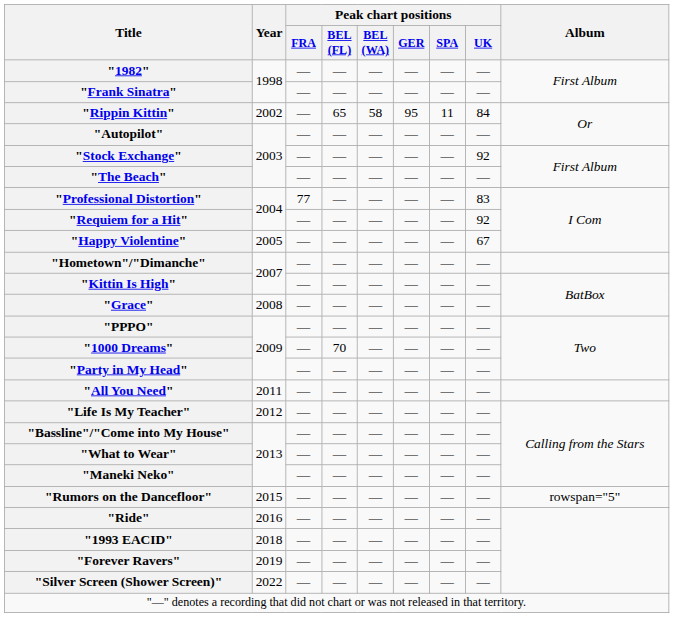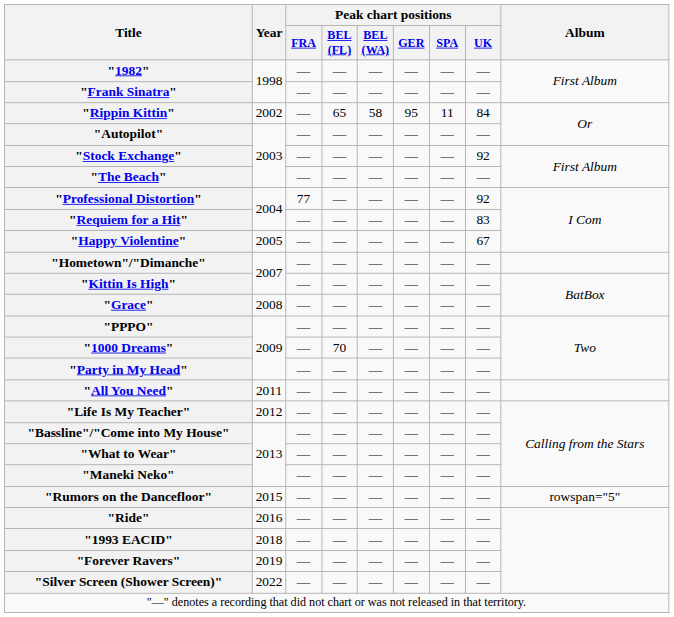 <table class="wikitable plainrowheaders" style="text-align:center;">
 <tr>
 <th scope="col" rowspan="2" style="width:18em;">Title</th>
 <th scope="col" rowspan="2" style="width:1em;">Year</th>
 <th scope="col" colspan="6">Peak chart positions</th>
 <th scope="col" rowspan="2" style="width:12em;">Album</th>
 </tr>
 <tr>
 <th scope="col" style="width:2.5em;font-size:90%;"><a href='#'>FRA</a><br></th>
 <th scope="col" style="width:2.5em;font-size:90%;"><a href='#'>BEL<br>(FL)</a><br></th>
 <th scope="col" style="width:2.5em;font-size:90%;"><a href='#'>BEL<br>(WA)</a><br></th>
 <th scope="col" style="width:2.5em;font-size:90%;"><a href='#'>GER</a><br></th>
 <th scope="col" style="width:2.5em;font-size:90%;"><a href='#'>SPA</a><br></th>
 <th scope="col" style="width:2.5em;font-size:90%;"><a href='#'>UK</a><br></th>
 </tr>
 <tr>
 <th scope="row">"<a href='#'>1982</a>"<br></th>
 <td rowspan="2">1998</td>
 <td>—</td>
 <td>—</td>
 <td>—</td>
 <td>—</td>
 <td>—</td>
 <td>—</td>
 <td rowspan="2"><em>First Album</em></td>
 </tr>
 <tr>
 <th scope="row">"<a href='#'>Frank Sinatra</a>"<br></th>
 <td>—</td>
 <td>—</td>
 <td>—</td>
 <td>—</td>
 <td>—</td>
 <td>—</td>
 </tr>
 <tr>
 <th scope="row">"<a href='#'>Rippin Kittin</a>"<br></th>
 <td>2002</td>
 <td>—</td>
 <td>65</td>
 <td>58</td>
 <td>95</td>
 <td>11</td>
 <td>84</td>
 <td rowspan="2"><em>Or</em></td>
 </tr>
 <tr>
 <th scope="row">"Autopilot"<br></th>
 <td rowspan="3">2003</td>
 <td>—</td>
 <td>—</td>
 <td>—</td>
 <td>—</td>
 <td>—</td>
 <td>—</td>
 </tr>
 <tr>
 <th scope="row">"<a href='#'>Stock Exchange</a>"<br></th>
 <td>—</td>
 <td>—</td>
 <td>—</td>
 <td>—</td>
 <td>—</td>
 <td>92</td>
 <td rowspan="2"><em>First Album</em></td>
 </tr>
 <tr>
 <th scope="row">"<a href='#'>The Beach</a>"<br></th>
 <td>—</td>
 <td>—</td>
 <td>—</td>
 <td>—</td>
 <td>—</td>
 <td>—</td>
 </tr>
 <tr>
 <th scope="row">"<a href='#'>Professional Distortion</a>"</th>
 <td rowspan="2">2004</td>
 <td>77</td>
 <td>—</td>
 <td>—</td>
 <td>—</td>
 <td>—</td>
-<td>83</td>
+<td>92</td>
 <td rowspan="3"><em>I Com</em></td>
 </tr>
 <tr>
 <th scope="row">"<a href='#'>Requiem for a Hit</a>"</th>
 <td>—</td>
 <td>—</td>
 <td>—</td>
 <td>—</td>
 <td>—</td>
-<td>92</td>
+<td>83</td>
 </tr>
 <tr>
 <th scope="row">"<a href='#'>Happy Violentine</a>"</th>
 <td>2005</td>
 <td>—</td>
 <td>—</td>
 <td>—</td>
 <td>—</td>
 <td>—</td>
 <td>67</td>
 </tr>
 <tr>
 <th scope="row">"Hometown"/"Dimanche"<br></th>
 <td rowspan="2">2007</td>
 <td>—</td>
 <td>—</td>
 <td>—</td>
 <td>—</td>
 <td>—</td>
 <td>—</td>
 <td></td>
 </tr>
 <tr>
 <th scope="row">"<a href='#'>Kittin Is High</a>"</th>
 <td>—</td>
 <td>—</td>
 <td>—</td>
 <td>—</td>
 <td>—</td>
 <td>—</td>
 <td rowspan="2"><em>BatBox</em></td>
 </tr>
 <tr>
 <th scope="row">"<a href='#'>Grace</a>"</th>
 <td>2008</td>
 <td>—</td>
 <td>—</td>
 <td>—</td>
 <td>—</td>
 <td>—</td>
 <td>—</td>
 </tr>
 <tr>
 <th scope="row">"PPPO"<br></th>
 <td rowspan="3">2009</td>
 <td>—</td>
 <td>—</td>
 <td>—</td>
 <td>—</td>
 <td>—</td>
 <td>—</td>
 <td rowspan="3"><em>Two</em></td>
 </tr>
 <tr>
 <th scope="row">"<a href='#'>1000 Dreams</a>"<br></th>
 <td>—</td>
 <td>70</td>
 <td>—</td>
 <td>—</td>
 <td>—</td>
 <td>—</td>
 </tr>
 <tr>
 <th scope="row">"<a href='#'>Party in My Head</a>"<br></th>
 <td>—</td>
 <td>—</td>
 <td>—</td>
 <td>—</td>
 <td>—</td>
 <td>—</td>
 </tr>
 <tr>
 <th scope="row">"<a href='#'>All You Need</a>"</th>
 <td>2011</td>
 <td>—</td>
 <td>—</td>
 <td>—</td>
 <td>—</td>
 <td>—</td>
 <td>—</td>
 <td></td>
 </tr>
 <tr>
 <th scope="row">"Life Is My Teacher"</th>
 <td>2012</td>
 <td>—</td>
 <td>—</td>
 <td>—</td>
 <td>—</td>
 <td>—</td>
 <td>—</td>
 <td rowspan="4"><em>Calling from the Stars</em></td>
 </tr>
 <tr>
 <th scope="row">"Bassline"/"Come into My House"</th>
 <td rowspan="3">2013</td>
 <td>—</td>
 <td>—</td>
 <td>—</td>
 <td>—</td>
 <td>—</td>
 <td>—</td>
 </tr>
 <tr>
 <th scope="row">"What to Wear"</th>
 <td>—</td>
 <td>—</td>
 <td>—</td>
 <td>—</td>
 <td>—</td>
 <td>—</td>
 </tr>
 <tr>
 <th scope="row">"Maneki Neko"</th>
 <td>—</td>
 <td>—</td>
 <td>—</td>
 <td>—</td>
 <td>—</td>
 <td>—</td>
 </tr>
 <tr>
 <th scope="row">"Rumors on the Dancefloor"<br></th>
 <td>2015</td>
 <td>—</td>
 <td>—</td>
 <td>—</td>
 <td>—</td>
 <td>—</td>
 <td>—</td>
 <td>rowspan="5" </td>
 </tr>
 <tr>
 <th scope="row">"Ride"<br></th>
 <td>2016</td>
 <td>—</td>
 <td>—</td>
 <td>—</td>
 <td>—</td>
 <td>—</td>
 <td>—</td>
 </tr>
 <tr>
 <th scope="row">"1993 EACID"</th>
 <td>2018</td>
 <td>—</td>
 <td>—</td>
 <td>—</td>
 <td>—</td>
 <td>—</td>
 <td>—</td>
 </tr>
 <tr>
 <th scope="row">"Forever Ravers"<br></th>
 <td>2019</td>
 <td>—</td>
 <td>—</td>
 <td>—</td>
 <td>—</td>
 <td>—</td>
 <td>—</td>
 </tr>
 <tr>
 <th scope="row">"Silver Screen (Shower Screen)" <br></th>
 <td>2022</td>
 <td>—</td>
 <td>—</td>
 <td>—</td>
 <td>—</td>
 <td>—</td>
 <td>—</td>
 </tr>
 <tr>
 <td colspan="9" style="font-size:90%">"—" denotes a recording that did not chart or was not released in that territory.</td>
 </tr>
 </table>
